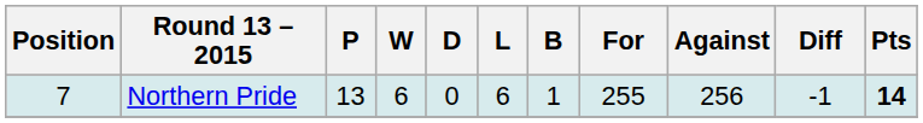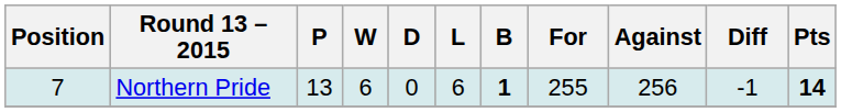 <table class="wikitable" style="text-align:center; font-size:85%;">
 <tr>
 <th width=40 abbr="Position">Position</th>
 <th width=100>Round 13 – 2015</th>
 <th width=20 abbr="Played">P</th>
 <th width=20 abbr="Won">W</th>
 <th width=20 abbr="Drawn">D</th>
 <th width=20 abbr="Lost">L</th>
 <th width=20 abbr="Bye">B</th>
 <th width=40 abbr="Points for">For</th>
 <th width=40 abbr="Points against">Against</th>
 <th width=40 abbr="Points difference">Diff</th>
 <th width=20 abbr="Points">Pts</th>
 </tr>
 <tr style="background: #d7ebed;">
 <td>7</td>
 <td style="text-align:left;"> <a href='#'>Northern Pride</a></td>
 <td>13</td>
 <td>6</td>
 <td>0</td>
 <td>6</td>
-<td>1</td>
+<td><strong>1</strong></td>
 <td>255</td>
 <td>256</td>
 <td>-1</td>
 <td><strong>14</strong></td>
 </tr>
 <tr>
 </tr>
 </table>
